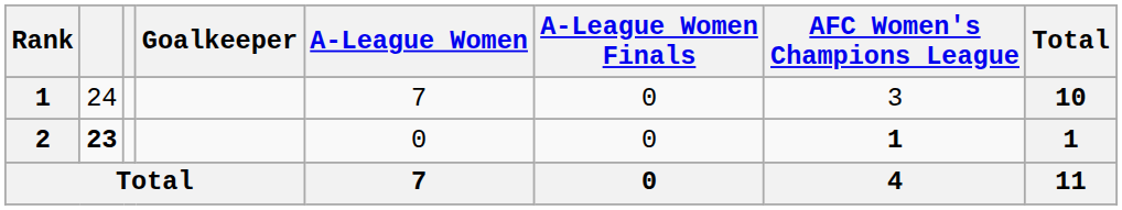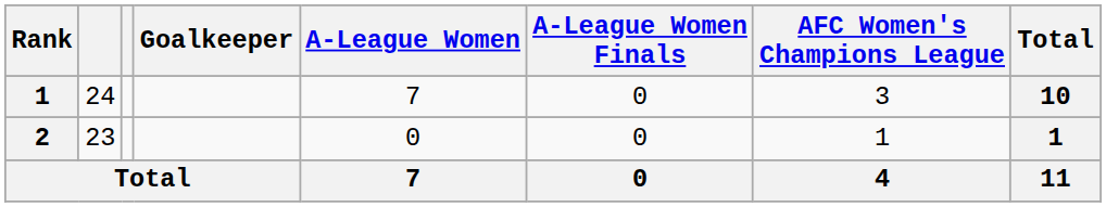 <table class="wikitable" style="text-align:center">
 <tr>
 <th>Rank</th>
 <th></th>
 <th></th>
 <th>Goalkeeper</th>
 <th><a href='#'>A-League Women</a></th>
 <th><a href='#'>A-League Women<br>Finals</a></th>
 <th><a href='#'>AFC Women's<br>Champions League</a></th>
 <th>Total</th>
 </tr>
 <tr>
 <th>1</th>
 <td>24</td>
 <td></td>
 <td align="left"></td>
 <td>7</td>
 <td>0</td>
 <td>3</td>
 <th>10</th>
 </tr>
 <tr>
 <th>2</th>
-<td><strong>23</strong></td>
+<td>23</td>
 <td></td>
 <td align="left"></td>
 <td>0</td>
 <td>0</td>
-<td><strong>1</strong></td>
+<td>1</td>
 <th>1</th>
 </tr>
 <tr>
 <th colspan="4">Total</th>
 <th>7</th>
 <th>0</th>
 <th>4</th>
 <th>11</th>
 </tr>
 </table>
